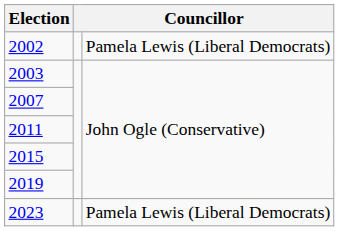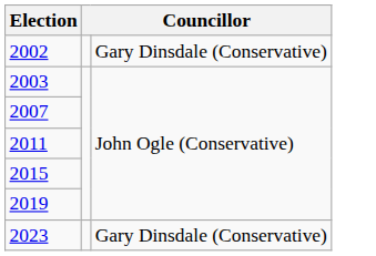 <table class="wikitable">
 <tr>
 <th>Election</th>
 <th colspan="2">Councillor</th>
 </tr>
 <tr>
 <td><a href='#'>2002</a></td>
 <td style="background-color: "></td>
-<td>Pamela Lewis (Liberal Democrats)</td>
+<td>Gary Dinsdale (Conservative)</td>
 </tr>
 <tr>
 <td><a href='#'>2003</a></td>
 <td rowspan="5" style="background-color: "></td>
 <td rowspan="5">John Ogle (Conservative)</td>
 </tr>
 <tr>
 <td><a href='#'>2007</a></td>
 </tr>
 <tr>
 <td><a href='#'>2011</a></td>
 </tr>
 <tr>
 <td><a href='#'>2015</a></td>
 </tr>
 <tr>
 <td><a href='#'>2019</a></td>
 </tr>
 <tr>
 <td><a href='#'>2023</a></td>
 <td style="background-color: "></td>
-<td>Pamela Lewis (Liberal Democrats)</td>
+<td>Gary Dinsdale (Conservative)</td>
 </tr>
 </table>
